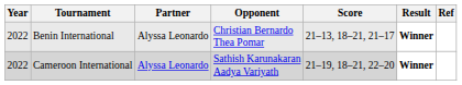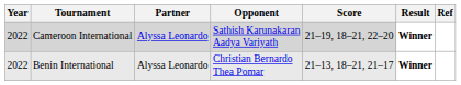 <table class="sortable wikitable" style="font-size: 90%;">
 <tr>
 <th>Year</th>
 <th>Tournament</th>
 <th>Partner</th>
 <th>Opponent</th>
 <th>Score</th>
 <th>Result</th>
 <th>Ref</th>
 </tr>
+<tr style="background:#D5D5D5">
+<td align="center">2022</td>
+<td align="left">Cameroon International</td>
+<td align="left"> <a href='#'>Alyssa Leonardo</a></td>
+<td align="left"> <a href='#'>Sathish Karunakaran</a><br> <a href='#'>Aadya Variyath</a></td>
+<td align="left">21–19, 18–21, 22–20</td>
+<td style="text-align:left; background:white"> <strong>Winner</strong></td>
+<td style="text-align:center; background:white"></td>
+</tr>
 <tr style="background:#E9E9E9">
 <td align="center">2022</td>
 <td align="left">Benin International</td>
 <td align="left"> Alyssa Leonardo</td>
 <td align="left"> <a href='#'>Christian Bernardo</a><br> <a href='#'>Thea Pomar</a></td>
 <td align="left">21–13, 18–21, 21–17</td>
 <td style="text-align:left; background:white"> <strong>Winner</strong></td>
 <td style="text-align:center; background:white"></td>
 </tr>
-<tr style="background:#D5D5D5">
-<td align="center">2022</td>
-<td align="left">Cameroon International</td>
-<td align="left"> <a href='#'>Alyssa Leonardo</a></td>
-<td align="left"> <a href='#'>Sathish Karunakaran</a><br> <a href='#'>Aadya Variyath</a></td>
-<td align="left">21–19, 18–21, 22–20</td>
-<td style="text-align:left; background:white"> <strong>Winner</strong></td>
-<td style="text-align:center; background:white"></td>
-</tr>
 </table>
